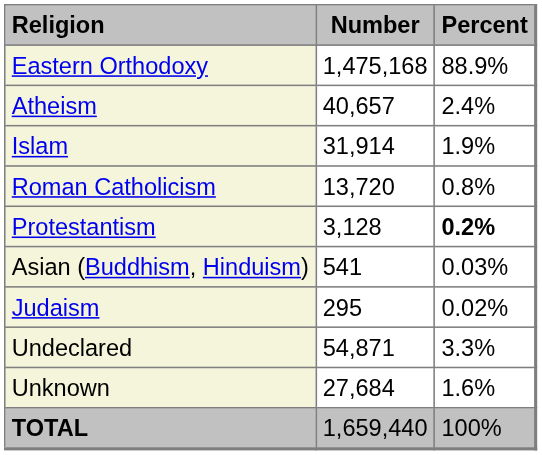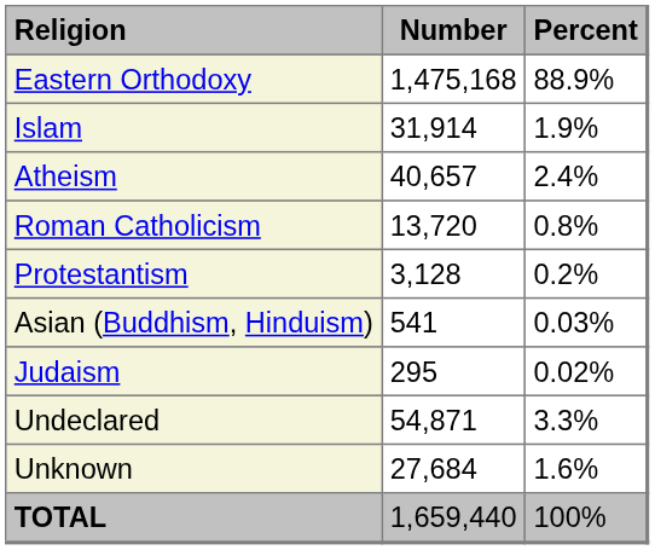 <table border=1 cellpadding=4 cellspacing=0 class="toccolours" style="align: left; margin: 0.5em 0 0 0; border-style: solid; border: 1px solid #7f7f7f; border-right-width: 2px; border-bottom-width: 2px; border-collapse: collapse; font-size: 95%;">
 <tr>
 <td style="background:#c1c1c1;"><strong>Religion</strong></td>
 <td colspan=1 style="background:#c1c1c1;" align="center"><strong>Number</strong></td>
 <td colspan=1 style="background:#c1c1c1;" align="center"><strong>Percent</strong></td>
 </tr>
 <tr>
 <td style="background:#F5F5DC;"><a href='#'>Eastern Orthodoxy</a></td>
 <td>1,475,168</td>
 <td>88.9%</td>
 </tr>
 <tr>
+<td style="background:#F5F5DC;"><a href='#'>Islam</a></td>
+<td>31,914</td>
+<td>1.9%</td>
+</tr>
+<tr>
 <td style="background:#F5F5DC;"><a href='#'>Atheism</a></td>
 <td>40,657</td>
 <td>2.4%</td>
-</tr>
-<tr>
-<td style="background:#F5F5DC;"><a href='#'>Islam</a></td>
-<td>31,914</td>
-<td>1.9%</td>
 </tr>
 <tr>
 <td style="background:#F5F5DC;"><a href='#'>Roman Catholicism</a></td>
 <td>13,720</td>
 <td>0.8%</td>
 </tr>
 <tr>
 <td style="background:#F5F5DC;"><a href='#'>Protestantism</a></td>
 <td>3,128</td>
-<td><strong>0.2%</strong></td>
+<td>0.2%</td>
 </tr>
 <tr>
 <td style="background:#F5F5DC;">Asian (<a href='#'>Buddhism</a>, <a href='#'>Hinduism</a>)</td>
 <td>541</td>
 <td>0.03%</td>
 </tr>
 <tr>
 <td style="background:#F5F5DC;"><a href='#'>Judaism</a></td>
 <td>295</td>
 <td>0.02%</td>
 </tr>
 <tr>
 <td style="background:#F5F5DC;">Undeclared</td>
 <td>54,871</td>
 <td>3.3%</td>
 </tr>
 <tr>
 <td style="background:#F5F5DC;">Unknown</td>
 <td>27,684</td>
 <td>1.6%</td>
 </tr>
 <tr>
 <td style="background:#c1c1c1;"><strong>TOTAL</strong></td>
 <td style="background:#c1c1c1;">1,659,440</td>
 <td style="background:#c1c1c1;">100%</td>
 </tr>
 </table>
